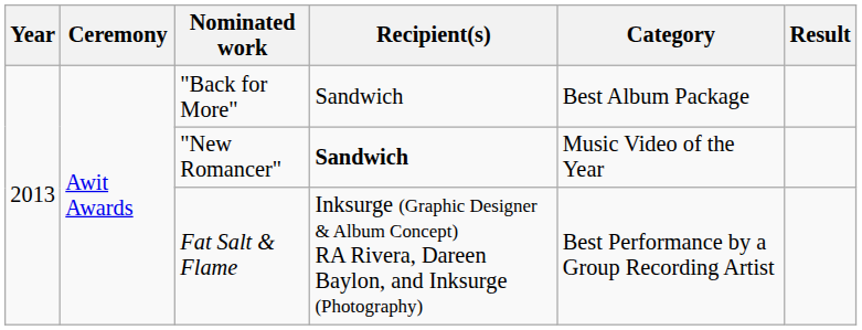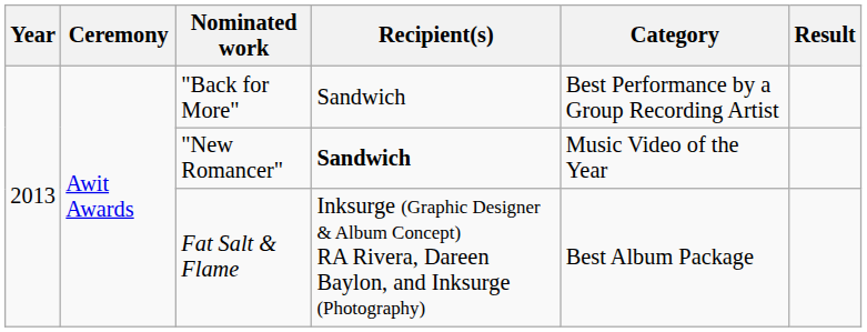 <table class="wikitable">
 <tr>
 <th>Year</th>
 <th>Ceremony</th>
 <th>Nominated work</th>
 <th>Recipient(s)</th>
 <th>Category</th>
 <th>Result</th>
 </tr>
 <tr>
 <td rowspan=3>2013</td>
 <td rowspan=3><a href='#'>Awit Awards</a></td>
 <td>"Back for More"</td>
 <td>Sandwich</td>
-<td>Best Album Package</td>
+<td>Best Performance by a Group Recording Artist</td>
 <td></td>
 </tr>
 <tr>
 <td>"New Romancer"</td>
 <td><strong>Sandwich</strong></td>
 <td>Music Video of the Year</td>
 <td></td>
 </tr>
 <tr>
 <td><em>Fat Salt & Flame</em></td>
 <td>Inksurge <small>(Graphic Designer & Album Concept)</small><br>RA Rivera, Dareen Baylon, and Inksurge <small>(Photography)</small></td>
-<td>Best Performance by a Group Recording Artist</td>
+<td>Best Album Package</td>
 <td></td>
 </tr>
 </table>
